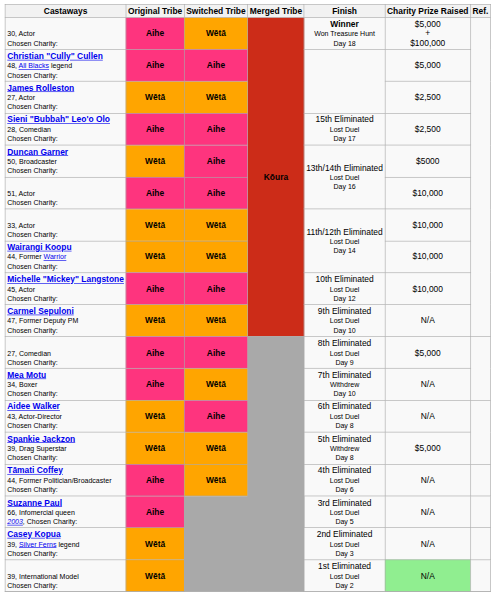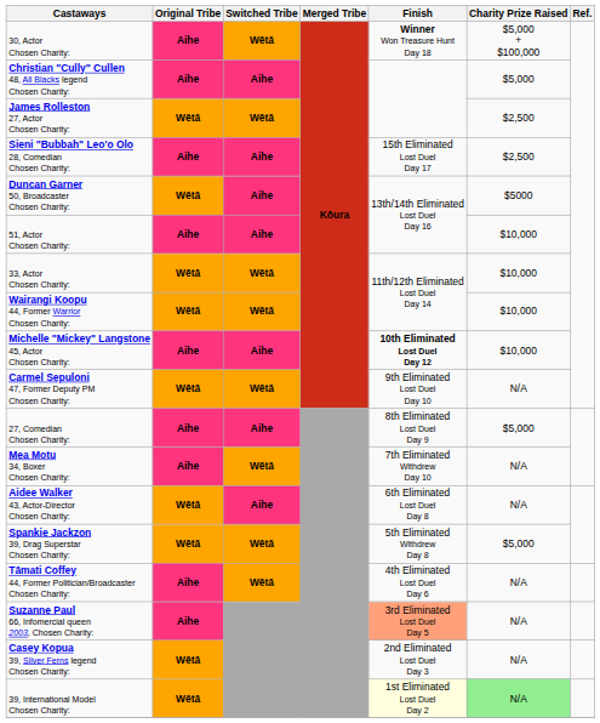 <table class="wikitable" style="margin:auto; text-align:center; font-size: 85%">
 <tr>
 <th>Castaways</th>
 <th>Original Tribe</th>
 <th>Switched Tribe</th>
 <th>Merged Tribe</th>
 <th>Finish</th>
 <th>Charity Prize Raised</th>
 <th>Ref.</th>
 </tr>
 <tr>
 <td style="text-align: left;"><strong></strong><br><small>30, Actor<br>Chosen Charity: <strong><em></em></strong></small></td>
 <td style="background: #FE347E"><strong>Aihe</strong></td>
 <td style="background: #FFA500"><strong>Wētā</strong></td>
 <td rowspan="10" colspan="1" style="background:#CC2C18"><strong>Kōura</strong></td>
 <td><strong>Winner</strong><br><small>Won Treasure Hunt<br>Day 18</small></td>
 <td>$5,000<br>+<br>$100,000</td>
 </tr>
 <tr>
 <td style="text-align: left;"><strong><a href='#'>Christian "Cully" Cullen</a></strong><br><small>48, <a href='#'>All Blacks</a> legend<br>Chosen Charity: <strong><em></em></strong></small></td>
 <td style="background: #FE347E"><strong>Aihe</strong></td>
 <td style="background: #FE347E"><strong>Aihe</strong></td>
 <td rowspan="2"></td>
 <td>$5,000</td>
 </tr>
 <tr>
 <td style="text-align: left;"><strong><a href='#'>James Rolleston</a></strong><br><small>27, Actor<br>Chosen Charity: <strong><em></em></strong></small></td>
 <td style="background: #FFA500"><strong>Wētā</strong></td>
 <td style="background: #FFA500"><strong>Wētā</strong></td>
 <td>$2,500</td>
 </tr>
 <tr>
 <td style="text-align: left;"><strong><a href='#'>Sieni "Bubbah" Leo'o Olo</a></strong><br><small>28, Comedian<br>Chosen Charity: <strong><em></em></strong></small></td>
 <td style="background: #FE347E"><strong>Aihe</strong></td>
 <td style="background: #FE347E"><strong>Aihe</strong></td>
 <td>15th Eliminated<br><small>Lost Duel<br>Day 17</small></td>
 <td>$2,500</td>
 </tr>
 <tr>
 <td style="text-align: left;"><strong><a href='#'>Duncan Garner</a></strong><br><small>50, Broadcaster<br>Chosen Charity: <strong><em></em></strong></small></td>
 <td style="background: #FFA500"><strong>Wētā</strong></td>
 <td style="background: #FE347E"><strong>Aihe</strong></td>
 <td rowspan="2">13th/14th Eliminated<br><small>Lost Duel<br>Day 16</small></td>
 <td>$5000</td>
 </tr>
 <tr>
 <td style="text-align: left;"><strong></strong><br><small>51, Actor<br>Chosen Charity: <strong><em></em></strong></small></td>
 <td style="background: #FE347E"><strong>Aihe</strong></td>
 <td style="background: #FE347E"><strong>Aihe</strong></td>
 <td>$10,000</td>
 </tr>
 <tr>
 <td style="text-align: left;"><strong></strong><br><small>33, Actor<br>Chosen Charity: <strong><em></em></strong></small></td>
 <td style="background: #FFA500"><strong>Wētā</strong></td>
 <td style="background: #FFA500"><strong>Wētā</strong></td>
 <td rowspan="2">11th/12th Eliminated<br><small>Lost Duel<br>Day 14</small></td>
 <td>$10,000</td>
 </tr>
 <tr>
 <td style="text-align: left;"><strong><a href='#'>Wairangi Koopu</a></strong><br><small>44, Former <a href='#'>Warrior</a><br>Chosen Charity: <strong><em></em></strong></small></td>
 <td style="background: #FFA500"><strong>Wētā</strong></td>
 <td style="background: #FFA500"><strong>Wētā</strong></td>
 <td>$10,000</td>
 </tr>
 <tr>
 <td style="text-align: left;"><strong><a href='#'>Michelle "Mickey" Langstone</a></strong><br><small>45, Actor<br>Chosen Charity: <strong><em></em></strong></small></td>
 <td style="background: #FE347E"><strong>Aihe</strong></td>
 <td style="background: #FE347E"><strong>Aihe</strong></td>
-<td>10th Eliminated<br><small>Lost Duel<br>Day 12</small></td>
+<td><strong>10th Eliminated<br><small>Lost Duel<br>Day 12</small></strong></td>
 <td>$10,000</td>
 </tr>
 <tr>
 <td style="text-align: left;"><strong><a href='#'>Carmel Sepuloni</a></strong><br><small>47, Former Deputy PM<br>Chosen Charity: <strong><em></em></strong></small></td>
 <td style="background: #FFA500"><strong>Wētā</strong></td>
 <td style="background: #FFA500"><strong>Wētā</strong></td>
 <td>9th Eliminated<br><small>Lost Duel<br>Day 10</small></td>
 <td>N/A</td>
 </tr>
 <tr>
 <td style="text-align: left;"><strong></strong><br><small>27, Comedian<br>Chosen Charity: <strong><em></em></strong></small></td>
 <td style="background: #FE347E"><strong>Aihe</strong></td>
 <td style="background: #FE347E"><strong>Aihe</strong></td>
 <td rowspan="6"colspan="1" style="background:darkgrey;"></td>
 <td>8th Eliminated<br><small>Lost Duel<br>Day 9</small></td>
 <td>$5,000</td>
 <td rowspan="2"colspan="1"></td>
 </tr>
 <tr>
 <td style="text-align: left;"><strong><a href='#'>Mea Motu</a></strong><br><small>34, Boxer<br>Chosen Charity: <strong><em></em></strong></small></td>
 <td style="background: #FE347E"><strong>Aihe</strong></td>
 <td style="background: #FFA500"><strong>Wētā</strong></td>
 <td>7th Eliminated<br><small>Withdrew<br>Day 10</small></td>
 <td>N/A</td>
 </tr>
 <tr>
 <td style="text-align: left;"><strong><a href='#'>Aidee Walker</a></strong><br><small>43, Actor-Director<br>Chosen Charity: <strong><em></em></strong></small></td>
 <td style="background: #FFA500"><strong>Wētā</strong></td>
 <td style="background: #FE347E"><strong>Aihe</strong></td>
 <td>6th Eliminated<br><small>Lost Duel<br>Day 8</small></td>
 <td>N/A</td>
 <td rowspan="2"colspan="1"></td>
 </tr>
 <tr>
 <td style="text-align: left;"><strong><a href='#'>Spankie Jackzon</a></strong><br><small>39, Drag Superstar<br>Chosen Charity: <strong><em></em></strong></small></td>
 <td style="background: #FFA500"><strong>Wētā</strong></td>
 <td style="background: #FFA500"><strong>Wētā</strong></td>
 <td>5th Eliminated<br><small>Withdrew<br>Day 8</small></td>
 <td>$5,000</td>
 </tr>
 <tr>
 <td style="text-align: left;"><strong><a href='#'>Tāmati Coffey</a></strong><br><small>44, Former Politician/Broadcaster<br>Chosen Charity: <strong><em></em></strong></small></td>
 <td style="background: #FE347E"><strong>Aihe</strong></td>
 <td style="background: #FFA500"><strong>Wētā</strong></td>
 <td>4th Eliminated<br><small>Lost Duel<br>Day 6</small></td>
 <td>N/A</td>
 <td></td>
 </tr>
 <tr>
 <td style="text-align: left;"><strong><a href='#'>Suzanne Paul</a></strong><br><small>66, Infomercial queen<br><em><a href='#'>2003</a>, </em>Chosen Charity: <strong><em></em></strong></small></td>
 <td style="background: #FE347E"><strong>Aihe</strong></td>
 <td rowspan="6"colspan="2" style="background:darkgrey;"></td>
-<td>3rd Eliminated<br><small>Lost Duel<br>Day 5</small></td>
+<td style="background: lightsalmon;">3rd Eliminated<br><small>Lost Duel<br>Day 5</small></td>
 <td>N/A</td>
 <td></td>
 </tr>
 <tr>
 <td style="text-align: left;"><strong><a href='#'>Casey Kopua</a></strong><br><small>39, <a href='#'>Silver Ferns</a> legend<br>Chosen Charity: <strong><em></em></strong></small></td>
 <td style="background: #FFA500"><strong>Wētā</strong></td>
 <td>2nd Eliminated<br><small>Lost Duel<br>Day 3</small></td>
 <td>N/A</td>
 <td></td>
 </tr>
 <tr>
 <td style="text-align: left;"><strong></strong><br><small>39, International Model<br>Chosen Charity: <strong><em></em></strong></small></td>
 <td style="background: #FFA500"><strong>Wētā</strong></td>
-<td>1st Eliminated<br><small>Lost Duel<br>Day 2</small></td>
+<td style="background: lightyellow;">1st Eliminated<br><small>Lost Duel<br>Day 2</small></td>
 <td style="background: lightgreen;">N/A</td>
 <td></td>
 </tr>
 <tr>
 </tr>
 </table>
